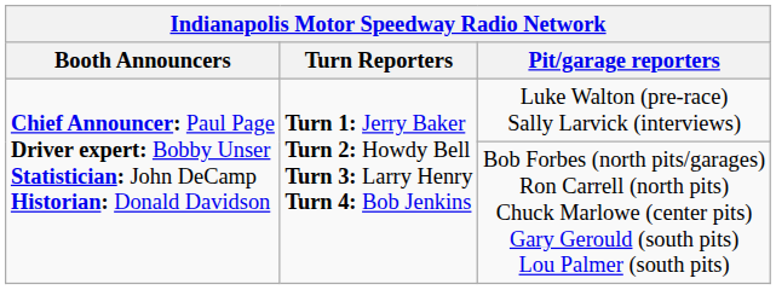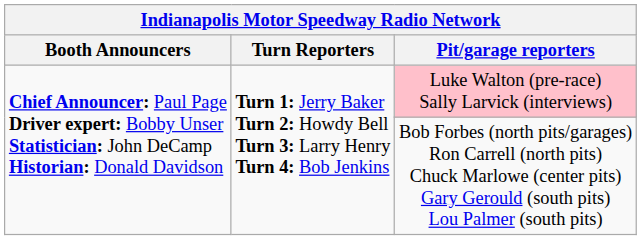 <table class="wikitable" style="font-size: 95%;">
 <tr>
 <th colspan=3><a href='#'>Indianapolis Motor Speedway Radio Network</a></th>
 </tr>
 <tr>
 <th>Booth Announcers</th>
 <th>Turn Reporters</th>
 <th><a href='#'>Pit/garage reporters</a></th>
 </tr>
 <tr>
 <td valign="top" rowspan=2><br><strong><a href='#'>Chief Announcer</a>:</strong> <a href='#'>Paul Page</a><br> <strong>Driver expert:</strong> <a href='#'>Bobby Unser</a><br> <strong><a href='#'>Statistician</a>:</strong> John DeCamp<br> <strong><a href='#'>Historian</a>:</strong> <a href='#'>Donald Davidson</a><br></td>
 <td valign="top" rowspan=2><br><strong>Turn 1:</strong> <a href='#'>Jerry Baker</a><br>     <strong>Turn 2:</strong> Howdy Bell<br> <strong>Turn 3:</strong> Larry Henry<br> <strong>Turn 4:</strong> <a href='#'>Bob Jenkins</a><br></td>
-<td align="center" valign="top">Luke Walton (pre-race)<br>Sally Larvick (interviews)<br></td>
+<td align="center" valign="top" style="background: pink;">Luke Walton (pre-race)<br>Sally Larvick (interviews)<br></td>
 </tr>
 <tr>
 <td align="center" valign="top">Bob Forbes (north pits/garages)<br>Ron Carrell (north pits)<br>Chuck Marlowe (center pits)<br><a href='#'>Gary Gerould</a> (south pits)<br><a href='#'>Lou Palmer</a> (south pits)<br></td>
 </tr>
 </table>
